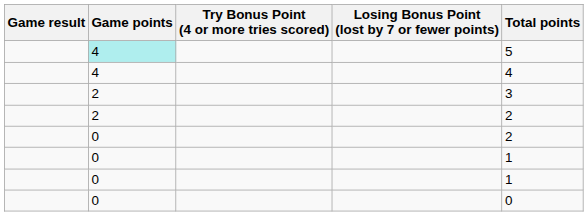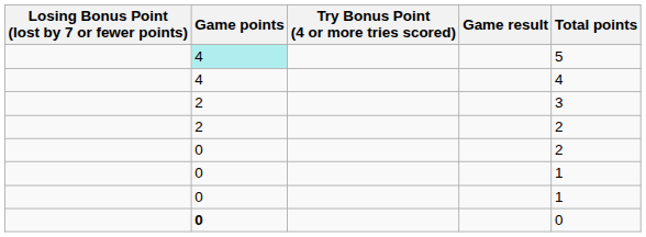 <table class="wikitable defaultcenter">
 <tr>
-<th>Game result</th>
+<th>Losing Bonus Point<br>(lost by 7 or fewer points)</th>
 <th>Game points</th>
 <th>Try Bonus Point<br>(4 or more tries scored)</th>
-<th>Losing Bonus Point<br>(lost by 7 or fewer points)</th>
+<th>Game result</th>
 <th>Total points</th>
 </tr>
 <tr>
 <td></td>
 <td style="background: paleturquoise;">4</td>
 <td></td>
 <td></td>
 <td>5</td>
 </tr>
 <tr>
 <td></td>
 <td>4</td>
 <td></td>
 <td></td>
 <td>4</td>
 </tr>
 <tr>
 <td></td>
 <td>2</td>
 <td></td>
 <td></td>
 <td>3</td>
 </tr>
 <tr>
 <td></td>
 <td>2</td>
 <td></td>
 <td></td>
 <td>2</td>
 </tr>
 <tr>
 <td></td>
 <td>0</td>
 <td></td>
 <td></td>
 <td>2</td>
 </tr>
 <tr>
 <td></td>
 <td>0</td>
 <td></td>
 <td></td>
 <td>1</td>
 </tr>
 <tr>
 <td></td>
 <td>0</td>
 <td></td>
 <td></td>
 <td>1</td>
 </tr>
 <tr>
 <td></td>
-<td>0</td>
+<td><strong>0</strong></td>
 <td></td>
 <td></td>
 <td>0</td>
 </tr>
 </table>
